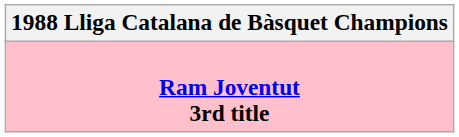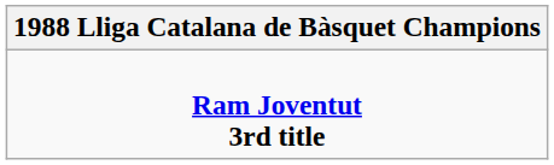 <table class=wikitable style="text-align:center; margin:auto">
 <tr>
 <th>1988 Lliga Catalana de Bàsquet Champions</th>
 </tr>
 <tr>
-<td style="background: pink;"> <br> <strong><a href='#'>Ram Joventut</a></strong> <br> <strong>3rd title</strong></td>
+<td> <br> <strong><a href='#'>Ram Joventut</a></strong> <br> <strong>3rd title</strong></td>
 </tr>
 </table>
